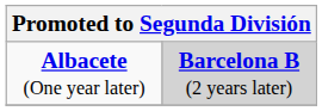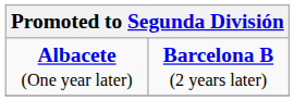 <table class="wikitable" style="text-align: center; margin: 0 auto;">
 <tr>
 <th colspan="2">Promoted to <a href='#'>Segunda División</a></th>
 </tr>
 <tr>
 <td><strong><a href='#'>Albacete</a></strong><br><small>(One year later)</small></td>
-<td style="background: lightgrey;"><strong><a href='#'>Barcelona B</a></strong><br><small>(2 years later)</small></td>
+<td><strong><a href='#'>Barcelona B</a></strong><br><small>(2 years later)</small></td>
 </tr>
 <tr>
 </tr>
 </table>
